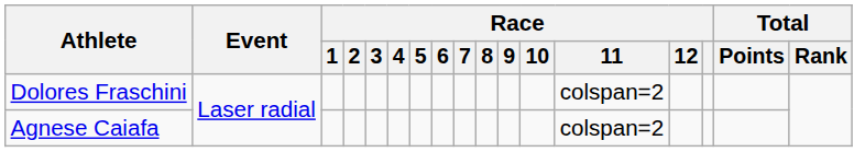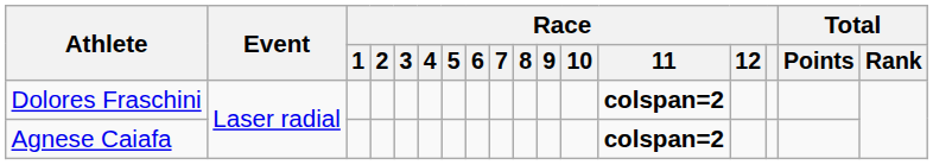 <table class=wikitable style=font-size:90%;text-align:center>
 <tr>
 <th rowspan=2>Athlete</th>
 <th rowspan=2>Event</th>
 <th colspan=13>Race</th>
 <th colspan=2>Total</th>
 </tr>
 <tr style=font-size:95%>
 <th>1</th>
 <th>2</th>
 <th>3</th>
 <th>4</th>
 <th>5</th>
 <th>6</th>
 <th>7</th>
 <th>8</th>
 <th>9</th>
 <th>10</th>
 <th>11</th>
 <th>12</th>
 <th></th>
 <th>Points</th>
 <th>Rank</th>
 </tr>
 <tr>
 <td align=left><a href='#'>Dolores Fraschini</a></td>
 <td align=left rowspan=2><a href='#'>Laser radial</a></td>
 <td></td>
 <td></td>
 <td></td>
 <td></td>
 <td></td>
 <td></td>
 <td></td>
 <td></td>
 <td></td>
 <td></td>
-<td>colspan=2 </td>
+<td><strong>colspan=2 </strong></td>
 <td></td>
 <td></td>
 <td></td>
 </tr>
 <tr>
 <td align=left><a href='#'>Agnese Caiafa</a></td>
 <td></td>
 <td></td>
 <td></td>
 <td></td>
 <td></td>
 <td></td>
 <td></td>
 <td></td>
 <td></td>
 <td></td>
-<td>colspan=2 </td>
+<td><strong>colspan=2 </strong></td>
 <td></td>
 <td></td>
 <td></td>
 </tr>
 </table>
